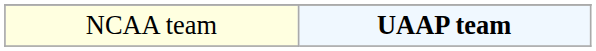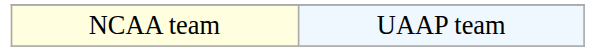 <table class="wikitable" style="margin:1em auto; text-align:center;">
 <tr>
 </tr>
 <tr>
 <td style="background:#FFFFE0;" width="25%">NCAA team</td>
-<td style="background:#F0F8FF;" width="25%"><strong>UAAP team</strong></td>
+<td style="background:#F0F8FF;" width="25%">UAAP team</td>
 </tr>
 </table>
